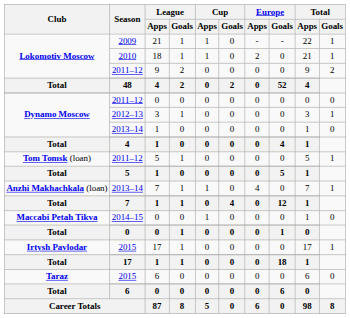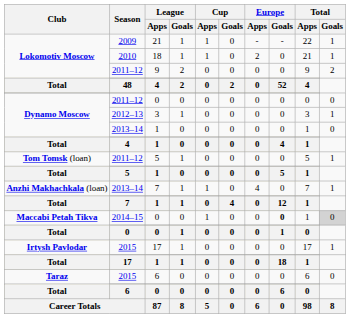 <table class="wikitable" style="font-size:90%; text-align: center;">
 <tr>
 <th rowspan="2">Club</th>
 <th rowspan="2">Season</th>
 <th colspan="2">League</th>
 <th colspan="2">Cup</th>
 <th colspan="2"><a href='#'>Europe</a></th>
 <th colspan="2">Total</th>
 </tr>
 <tr>
 <th>Apps</th>
 <th>Goals</th>
 <th>Apps</th>
 <th>Goals</th>
 <th>Apps</th>
 <th>Goals</th>
 <th>Apps</th>
 <th>Goals</th>
 </tr>
 <tr>
 <td rowspan="4" style="vertical-align:center;"><strong><a href='#'>Lokomotiv Moscow</a></strong></td>
 <td><a href='#'>2009</a></td>
 <td>21</td>
 <td>1</td>
 <td>1</td>
 <td>0</td>
 <td>-</td>
 <td>-</td>
 <td>22</td>
 <td>1</td>
 </tr>
 <tr style="text-align:center;">
 <td><a href='#'>2010</a></td>
 <td>18</td>
 <td>1</td>
 <td>1</td>
 <td>0</td>
 <td>2</td>
 <td>0</td>
 <td>21</td>
 <td>1</td>
 </tr>
 <tr style="text-align:center;">
 <td><a href='#'>2011–12</a></td>
 <td>9</td>
 <td>2</td>
 <td>0</td>
 <td>0</td>
 <td>0</td>
 <td>0</td>
 <td>9</td>
 <td>2</td>
 </tr>
 <tr style="text-align:center;">
 </tr>
 <tr style="background:lemonchiffon">
 <th>Total</th>
 <th>48</th>
 <th>4</th>
 <th>2</th>
 <th>0</th>
 <th>2</th>
 <th>0</th>
 <th>52</th>
 <th>4</th>
 </tr>
 <tr style="text-align:center;">
 </tr>
 <tr>
 <td rowspan="4" style="vertical-align:center;"><strong><a href='#'>Dynamo Moscow</a></strong></td>
 <td><a href='#'>2011–12</a></td>
 <td>0</td>
 <td>0</td>
 <td>0</td>
 <td>0</td>
 <td>0</td>
 <td>0</td>
 <td>0</td>
 <td>0</td>
 </tr>
 <tr style="text-align:center;">
 <td><a href='#'>2012–13</a></td>
 <td>3</td>
 <td>1</td>
 <td>0</td>
 <td>0</td>
 <td>0</td>
 <td>0</td>
 <td>3</td>
 <td>1</td>
 </tr>
 <tr style="text-align:center;">
 <td><a href='#'>2013–14</a></td>
 <td>1</td>
 <td>0</td>
 <td>0</td>
 <td>0</td>
 <td>0</td>
 <td>0</td>
 <td>1</td>
 <td>0</td>
 </tr>
 <tr style="text-align:center;">
 </tr>
 <tr style="background:lemonchiffon">
 <th>Total</th>
 <th>4</th>
 <th>1</th>
 <th>0</th>
 <th>0</th>
 <th>0</th>
 <th>0</th>
 <th>4</th>
 <th>1</th>
 </tr>
 <tr>
 <td rowspan="2" style="vertical-align:center;"><strong><a href='#'>Tom Tomsk</a></strong> (loan)</td>
 <td><a href='#'>2011–12</a></td>
 <td>5</td>
 <td>1</td>
 <td>0</td>
 <td>0</td>
 <td>0</td>
 <td>0</td>
 <td>5</td>
 <td>1</td>
 </tr>
 <tr style="text-align:center;">
 </tr>
 <tr style="background:lemonchiffon">
 <th>Total</th>
 <th>5</th>
 <th>1</th>
 <th>0</th>
 <th>0</th>
 <th>0</th>
 <th>0</th>
 <th>5</th>
 <th>1</th>
 </tr>
 <tr>
 <td rowspan="2" style="vertical-align:center;"><strong><a href='#'>Anzhi Makhachkala</a></strong> (loan)</td>
 <td><a href='#'>2013–14</a></td>
 <td>7</td>
 <td>1</td>
 <td>1</td>
 <td>0</td>
 <td>4</td>
 <td>0</td>
 <td>7</td>
 <td>1</td>
 </tr>
 <tr style="text-align:center;">
 </tr>
 <tr style="background:lemonchiffon">
 <th>Total</th>
 <th>7</th>
 <th>1</th>
 <th>1</th>
 <th>0</th>
 <th>4</th>
 <th>0</th>
 <th>12</th>
 <th>1</th>
 </tr>
 <tr>
 <td rowspan="2" style="vertical-align:center;"><strong><a href='#'>Maccabi Petah Tikva</a></strong></td>
 <td><a href='#'>2014–15</a></td>
 <td>0</td>
 <td>0</td>
 <td>1</td>
 <td>0</td>
 <td>0</td>
-<td>0</td>
+<td><strong>0</strong></td>
 <td>1</td>
-<td>0</td>
+<td style="background: lightgrey;">0</td>
 </tr>
 <tr style="text-align:center;">
 </tr>
 <tr style="background:lemonchiffon">
 <th>Total</th>
 <th>0</th>
 <th>0</th>
 <th>1</th>
 <th>0</th>
 <th>0</th>
 <th>0</th>
 <th>1</th>
 <th>0</th>
 </tr>
 <tr>
 <td rowspan="2" style="vertical-align:center;"><strong><a href='#'>Irtysh Pavlodar</a></strong></td>
 <td><a href='#'>2015</a></td>
 <td>17</td>
 <td>1</td>
 <td>0</td>
 <td>0</td>
 <td>0</td>
 <td>0</td>
 <td>17</td>
 <td>1</td>
 </tr>
 <tr style="text-align:center;">
 </tr>
 <tr style="background:lemonchiffon">
 <th>Total</th>
 <th>17</th>
 <th>1</th>
 <th>1</th>
 <th>0</th>
 <th>0</th>
 <th>0</th>
 <th>18</th>
 <th>1</th>
 </tr>
 <tr>
 <td rowspan="2" style="vertical-align:center;"><strong><a href='#'>Taraz</a></strong></td>
 <td><a href='#'>2015</a></td>
 <td>6</td>
 <td>0</td>
 <td>0</td>
 <td>0</td>
 <td>0</td>
 <td>0</td>
 <td>6</td>
 <td>0</td>
 </tr>
 <tr style="text-align:center;">
 </tr>
 <tr style="background:lemonchiffon">
 <th>Total</th>
 <th>6</th>
 <th>0</th>
 <th>0</th>
 <th>0</th>
 <th>0</th>
 <th>0</th>
 <th>6</th>
 <th>0</th>
 </tr>
 <tr>
 <th colspan="2">Career Totals</th>
 <th>87</th>
 <th>8</th>
 <th>5</th>
 <th>0</th>
 <th>6</th>
 <th>0</th>
 <th>98</th>
 <th>8</th>
 </tr>
 </table>
